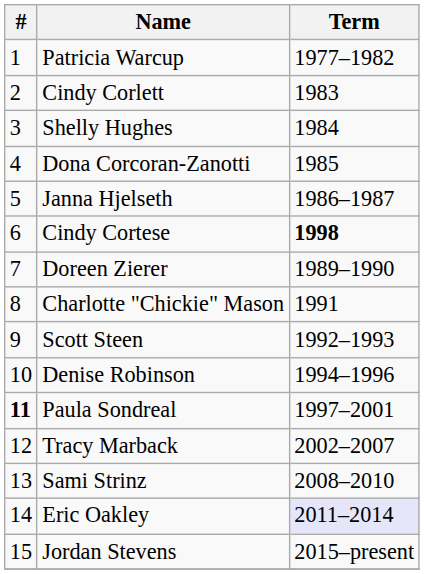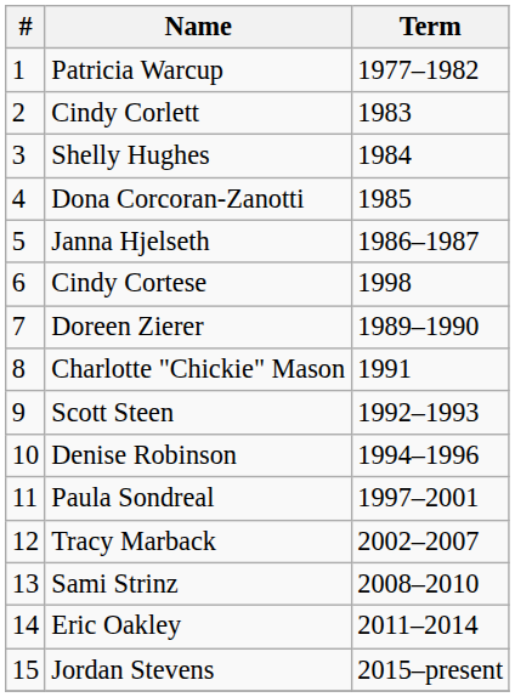 <table class=wikitable>
 <tr>
 <th>#</th>
 <th>Name</th>
 <th>Term</th>
 </tr>
 <tr>
 <td>1</td>
 <td>Patricia Warcup</td>
 <td>1977–1982</td>
 </tr>
 <tr>
 <td>2</td>
 <td>Cindy Corlett</td>
 <td>1983</td>
 </tr>
 <tr>
 <td>3</td>
 <td>Shelly Hughes</td>
 <td>1984</td>
 </tr>
 <tr>
 <td>4</td>
 <td>Dona Corcoran-Zanotti</td>
 <td>1985</td>
 </tr>
 <tr>
 <td>5</td>
 <td>Janna Hjelseth</td>
 <td>1986–1987</td>
 </tr>
 <tr>
 <td>6</td>
 <td>Cindy Cortese</td>
-<td><strong>1998</strong></td>
+<td>1998</td>
 </tr>
 <tr>
 <td>7</td>
 <td>Doreen Zierer</td>
 <td>1989–1990</td>
 </tr>
 <tr>
 <td>8</td>
 <td>Charlotte "Chickie" Mason</td>
 <td>1991</td>
 </tr>
 <tr>
 <td>9</td>
 <td>Scott Steen</td>
 <td>1992–1993</td>
 </tr>
 <tr>
 <td>10</td>
 <td>Denise Robinson</td>
 <td>1994–1996</td>
 </tr>
 <tr>
-<td><strong>11</strong></td>
+<td>11</td>
 <td>Paula Sondreal</td>
 <td>1997–2001</td>
 </tr>
 <tr>
 <td>12</td>
 <td>Tracy Marback</td>
 <td>2002–2007</td>
 </tr>
 <tr>
 <td>13</td>
 <td>Sami Strinz</td>
 <td>2008–2010</td>
 </tr>
 <tr>
 <td>14</td>
 <td>Eric Oakley</td>
-<td style="background: lavender;">2011–2014</td>
+<td>2011–2014</td>
 </tr>
 <tr>
 <td>15</td>
 <td>Jordan Stevens</td>
 <td>2015–present</td>
 </tr>
 <tr>
 </tr>
 </table>
